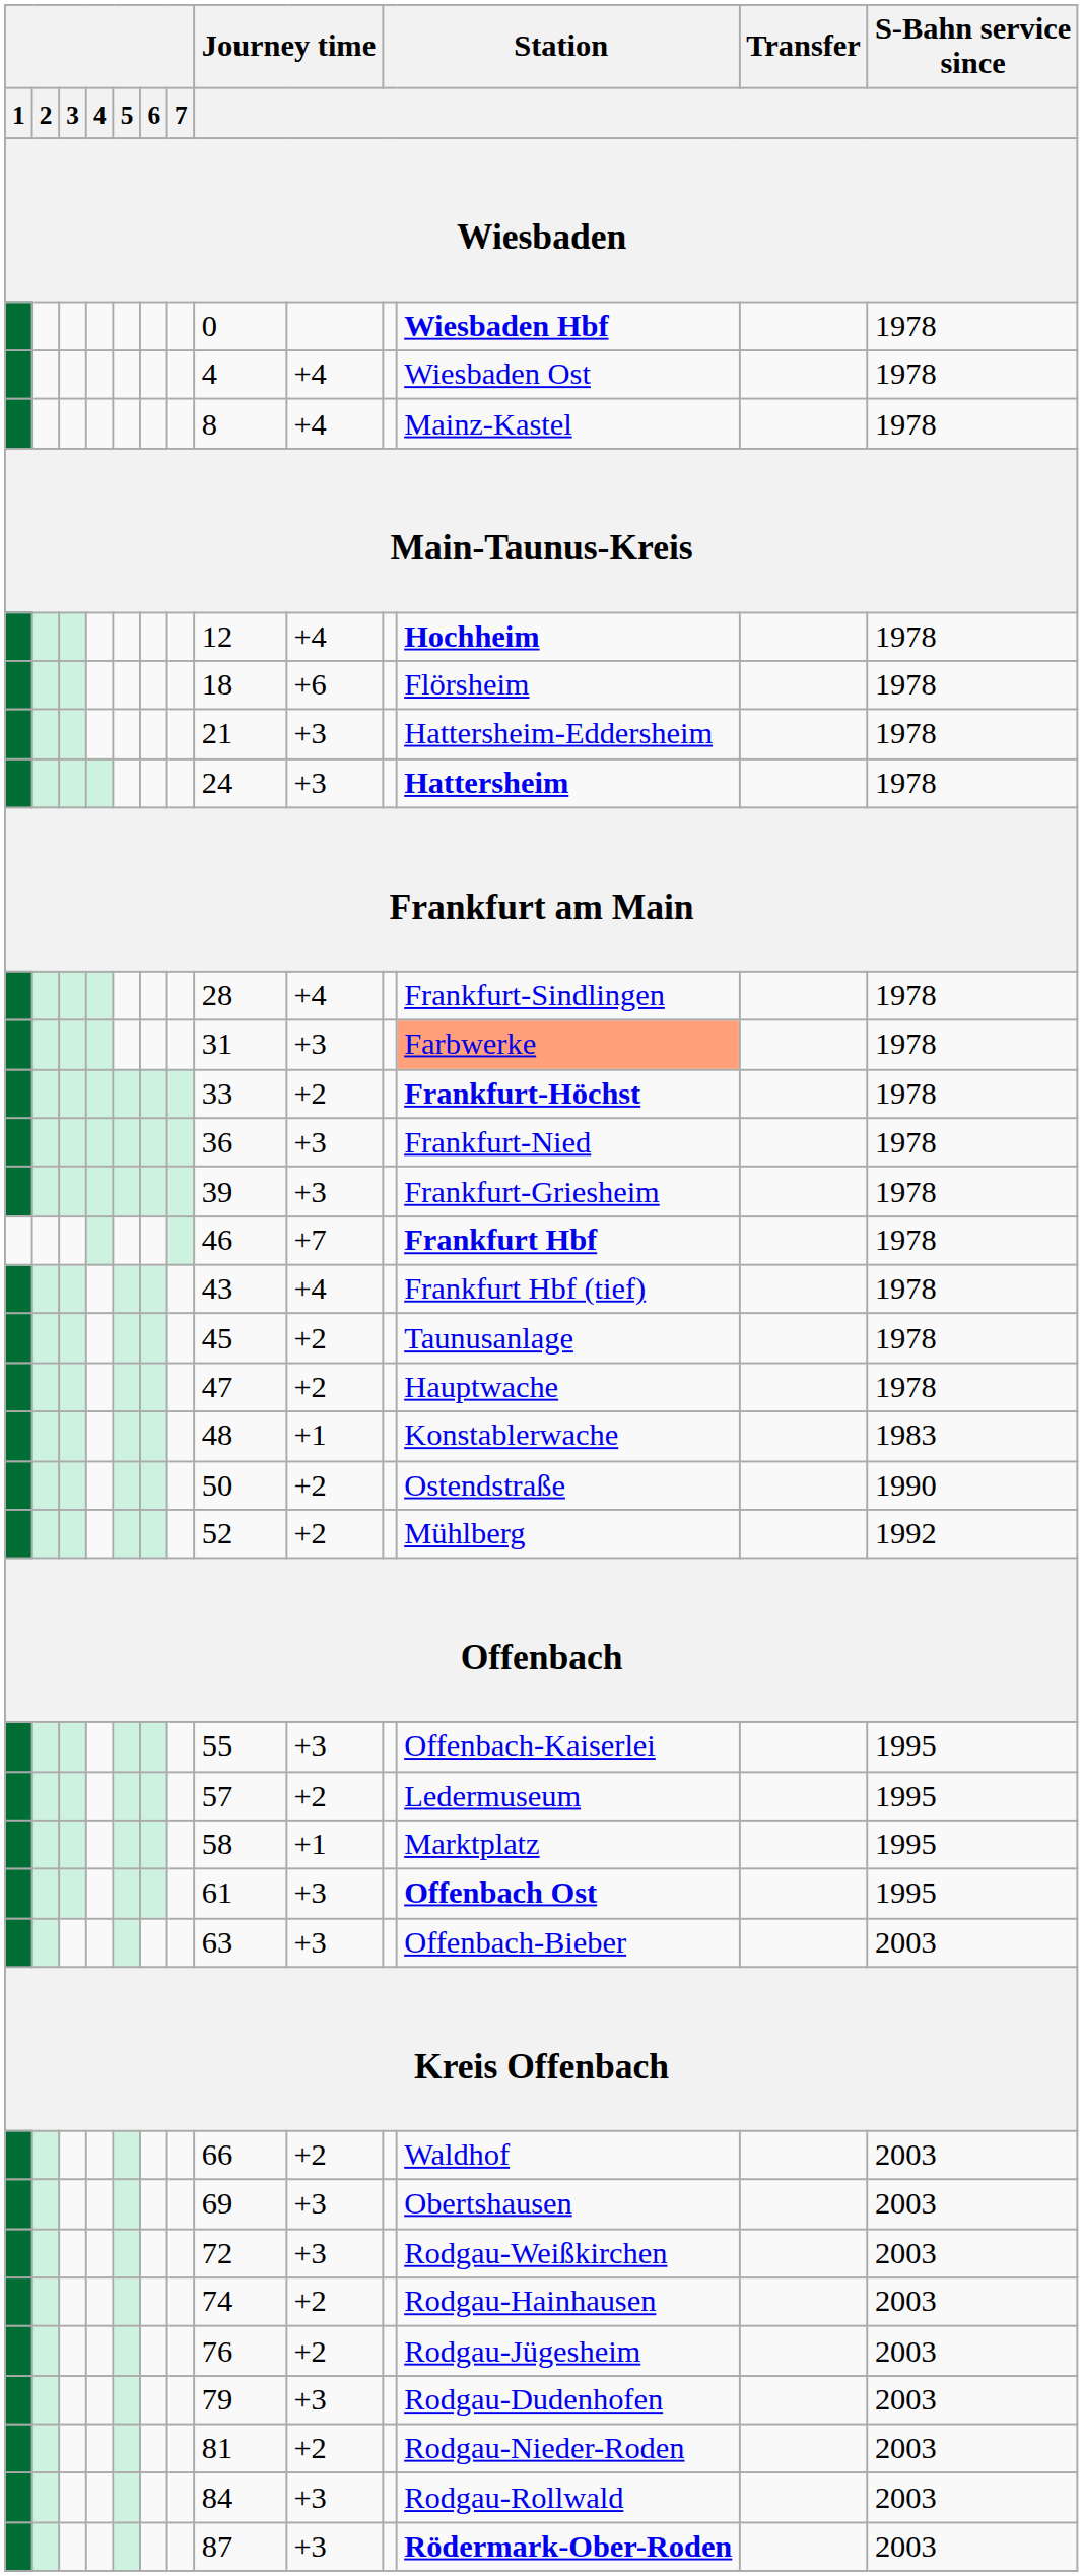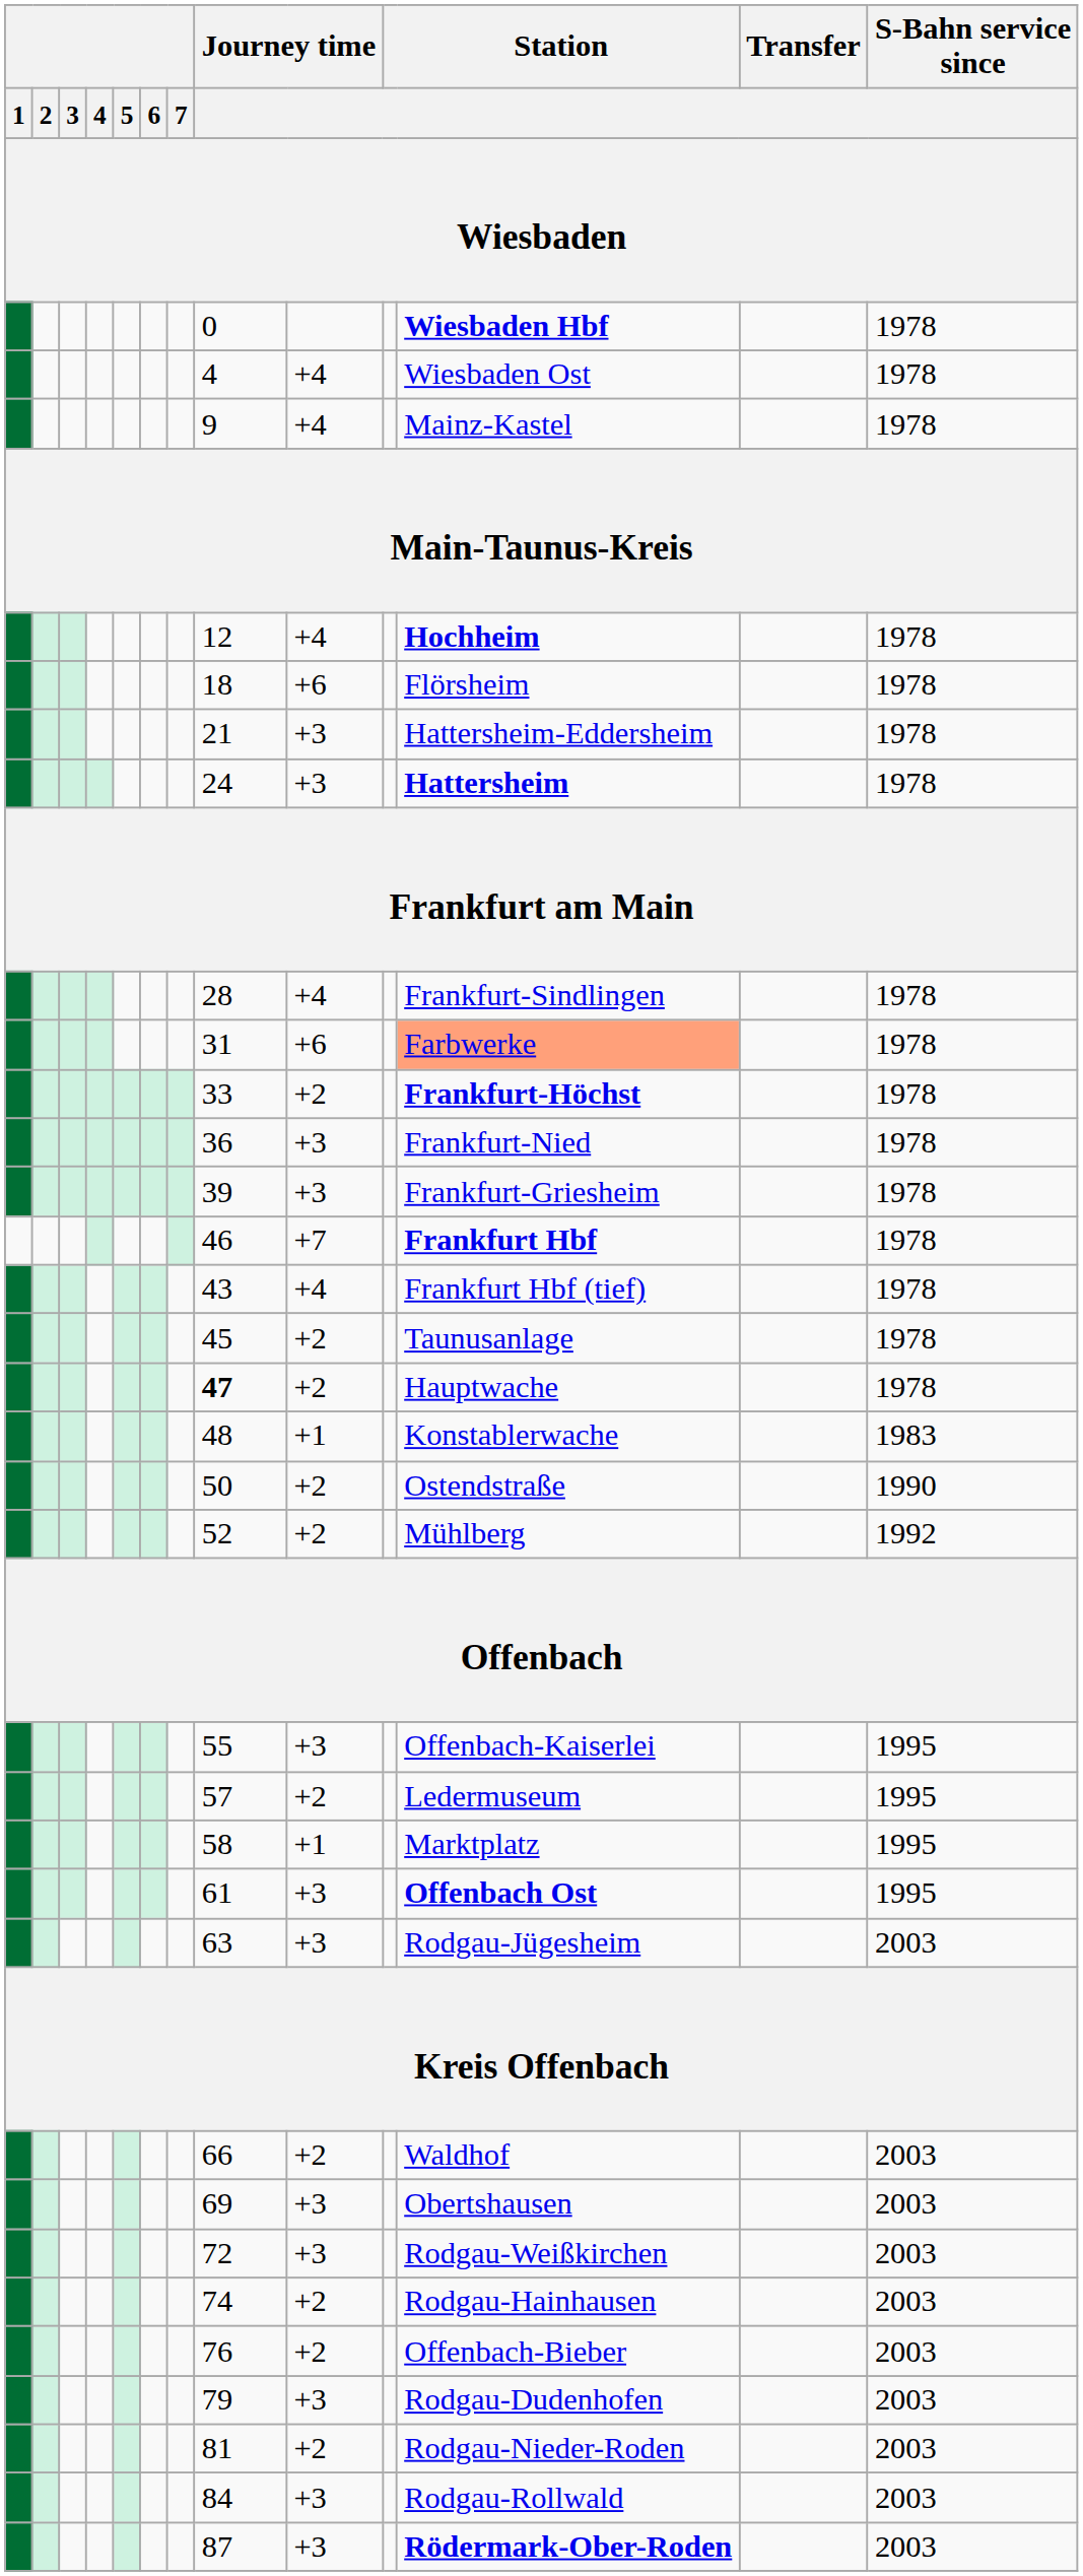 <table class="wikitable" summary="Stations of the S1 service">
 <tr>
 <th colspan="7" align="center" scope="col"></th>
 <th colspan="2">Journey time</th>
 <th colspan="2" scope="col">Station</th>
 <th scope="col">Transfer</th>
 <th scope="col">S-Bahn service<br>since</th>
 </tr>
 <tr>
 <th><small>1</small></th>
 <th><small>2</small></th>
 <th><small>3</small></th>
 <th><small>4</small></th>
 <th><small>5</small></th>
 <th><small>6</small></th>
 <th><small>7</small></th>
 <th colspan="6"></th>
 </tr>
 <tr>
 <th colspan="13" align="center" class="hintergrundfarbe5"><br><h3>Wiesbaden</h3></th>
 </tr>
 <tr>
 <td style="background-color:#006e34"></td>
 <td></td>
 <td></td>
 <td></td>
 <td></td>
 <td></td>
 <td></td>
 <td>0</td>
 <td></td>
 <td></td>
 <td><strong><a href='#'>Wiesbaden Hbf</a></strong></td>
 <td> </td>
 <td>1978</td>
 </tr>
 <tr>
 <td style="background-color:#006e34"></td>
 <td></td>
 <td></td>
 <td></td>
 <td></td>
 <td></td>
 <td></td>
 <td>4</td>
 <td>+4</td>
 <td></td>
 <td><a href='#'>Wiesbaden Ost</a></td>
 <td> </td>
 <td>1978</td>
 </tr>
 <tr>
 <td style="background-color:#006e34"></td>
 <td></td>
 <td></td>
 <td></td>
 <td></td>
 <td></td>
 <td></td>
-<td>8</td>
+<td>9</td>
 <td>+4</td>
 <td></td>
 <td><a href='#'>Mainz-Kastel</a></td>
 <td></td>
 <td>1978</td>
 </tr>
 <tr>
 <th colspan="13" align="center" class="hintergrundfarbe5"><br><h3>Main-Taunus-Kreis</h3></th>
 </tr>
 <tr>
 <td style="background-color:#006e34"></td>
 <td style="background-color:#cef2e0"></td>
 <td style="background-color:#cef2e0"></td>
 <td></td>
 <td></td>
 <td></td>
 <td></td>
 <td>12</td>
 <td>+4</td>
 <td></td>
 <td><strong><a href='#'>Hochheim</a></strong></td>
 <td></td>
 <td>1978</td>
 </tr>
 <tr>
 <td style="background-color:#006e34"></td>
 <td style="background-color:#cef2e0"></td>
 <td style="background-color:#cef2e0"></td>
 <td></td>
 <td></td>
 <td></td>
 <td></td>
 <td>18</td>
 <td>+6</td>
 <td></td>
 <td><a href='#'>Flörsheim</a></td>
 <td></td>
 <td>1978</td>
 </tr>
 <tr>
 <td style="background-color:#006e34"></td>
 <td style="background-color:#cef2e0"></td>
 <td style="background-color:#cef2e0"></td>
 <td></td>
 <td></td>
 <td></td>
 <td></td>
 <td>21</td>
 <td>+3</td>
 <td></td>
 <td><a href='#'>Hattersheim-Eddersheim</a></td>
 <td></td>
 <td>1978</td>
 </tr>
 <tr>
 <td style="background-color:#006e34"></td>
 <td style="background-color:#cef2e0"></td>
 <td style="background-color:#cef2e0"></td>
 <td style="background-color:#cef2e0"></td>
 <td></td>
 <td></td>
 <td></td>
 <td>24</td>
 <td>+3</td>
 <td></td>
 <td><strong><a href='#'>Hattersheim</a></strong></td>
 <td></td>
 <td>1978</td>
 </tr>
 <tr>
 <th colspan="13" align="center" class="hintergrundfarbe5"><br><h3>Frankfurt am Main</h3></th>
 </tr>
 <tr>
 <td style="background-color:#006e34"></td>
 <td style="background-color:#cef2e0"></td>
 <td style="background-color:#cef2e0"></td>
 <td style="background-color:#cef2e0"></td>
 <td></td>
 <td></td>
 <td></td>
 <td>28</td>
 <td>+4</td>
 <td></td>
 <td><a href='#'>Frankfurt-Sindlingen</a></td>
 <td></td>
 <td>1978</td>
 </tr>
 <tr>
 <td style="background-color:#006e34"></td>
 <td style="background-color:#cef2e0"></td>
 <td style="background-color:#cef2e0"></td>
 <td style="background-color:#cef2e0"></td>
 <td></td>
 <td></td>
 <td></td>
 <td>31</td>
-<td>+3</td>
+<td>+6</td>
 <td></td>
 <td style="background: lightsalmon;"><a href='#'>Farbwerke</a></td>
 <td></td>
 <td>1978</td>
 </tr>
 <tr>
 <td style="background-color:#006e34"></td>
 <td style="background-color:#cef2e0"></td>
 <td style="background-color:#cef2e0"></td>
 <td style="background-color:#cef2e0"></td>
 <td style="background-color:#cef2e0"></td>
 <td style="background-color:#cef2e0"></td>
 <td style="background-color:#cef2e0"></td>
 <td>33</td>
 <td>+2</td>
 <td></td>
 <td><strong><a href='#'>Frankfurt-Höchst</a></strong></td>
 <td></td>
 <td>1978</td>
 </tr>
 <tr>
 <td style="background-color:#006e34"></td>
 <td style="background-color:#cef2e0"></td>
 <td style="background-color:#cef2e0"></td>
 <td style="background-color:#cef2e0"></td>
 <td style="background-color:#cef2e0"></td>
 <td style="background-color:#cef2e0"></td>
 <td style="background-color:#cef2e0"></td>
 <td>36</td>
 <td>+3</td>
 <td></td>
 <td><a href='#'>Frankfurt-Nied</a></td>
 <td></td>
 <td>1978</td>
 </tr>
 <tr>
 <td style="background-color:#006e34"></td>
 <td style="background-color:#cef2e0"></td>
 <td style="background-color:#cef2e0"></td>
 <td style="background-color:#cef2e0"></td>
 <td style="background-color:#cef2e0"></td>
 <td style="background-color:#cef2e0"></td>
 <td style="background-color:#cef2e0"></td>
 <td>39</td>
 <td>+3</td>
 <td></td>
 <td><a href='#'>Frankfurt-Griesheim</a></td>
 <td></td>
 <td>1978</td>
 </tr>
 <tr>
 <td></td>
 <td></td>
 <td></td>
 <td style="background-color:#cef2e0"></td>
 <td></td>
 <td></td>
 <td style="background-color:#cef2e0"></td>
 <td>46</td>
 <td>+7</td>
 <td></td>
 <td><strong><a href='#'>Frankfurt Hbf</a></strong></td>
 <td>         </td>
 <td>1978</td>
 </tr>
 <tr>
 <td style="background-color:#006e34"></td>
 <td style="background-color:#cef2e0"></td>
 <td style="background-color:#cef2e0"></td>
 <td></td>
 <td style="background-color:#cef2e0"></td>
 <td style="background-color:#cef2e0"></td>
 <td></td>
 <td>43</td>
 <td>+4</td>
 <td></td>
 <td><a href='#'>Frankfurt Hbf (tief)</a></td>
 <td>        </td>
 <td>1978</td>
 </tr>
 <tr>
 <td style="background-color:#006e34"></td>
 <td style="background-color:#cef2e0"></td>
 <td style="background-color:#cef2e0"></td>
 <td></td>
 <td style="background-color:#cef2e0"></td>
 <td style="background-color:#cef2e0"></td>
 <td></td>
 <td>45</td>
 <td>+2</td>
 <td></td>
 <td><a href='#'>Taunusanlage</a></td>
 <td>      </td>
 <td>1978</td>
 </tr>
 <tr>
 <td style="background-color:#006e34"></td>
 <td style="background-color:#cef2e0"></td>
 <td style="background-color:#cef2e0"></td>
 <td></td>
 <td style="background-color:#cef2e0"></td>
 <td style="background-color:#cef2e0"></td>
 <td></td>
-<td>47</td>
+<td><strong>47</strong></td>
 <td>+2</td>
 <td></td>
 <td><a href='#'>Hauptwache</a></td>
 <td>            </td>
 <td>1978</td>
 </tr>
 <tr>
 <td style="background-color:#006e34"></td>
 <td style="background-color:#cef2e0"></td>
 <td style="background-color:#cef2e0"></td>
 <td></td>
 <td style="background-color:#cef2e0"></td>
 <td style="background-color:#cef2e0"></td>
 <td></td>
 <td>48</td>
 <td>+1</td>
 <td></td>
 <td><a href='#'>Konstablerwache</a></td>
 <td>          </td>
 <td>1983</td>
 </tr>
 <tr>
 <td style="background-color:#006e34"></td>
 <td style="background-color:#cef2e0"></td>
 <td style="background-color:#cef2e0"></td>
 <td></td>
 <td style="background-color:#cef2e0"></td>
 <td style="background-color:#cef2e0"></td>
 <td></td>
 <td>50</td>
 <td>+2</td>
 <td></td>
 <td><a href='#'>Ostendstraße</a></td>
 <td>      </td>
 <td>1990</td>
 </tr>
 <tr>
 <td style="background-color:#006e34"></td>
 <td style="background-color:#cef2e0"></td>
 <td style="background-color:#cef2e0"></td>
 <td></td>
 <td style="background-color:#cef2e0"></td>
 <td style="background-color:#cef2e0"></td>
 <td></td>
 <td>52</td>
 <td>+2</td>
 <td></td>
 <td><a href='#'>Mühlberg</a></td>
 <td>  </td>
 <td>1992</td>
 </tr>
 <tr>
 <th colspan="13" align="center" class="hintergrundfarbe5"><br><h3>Offenbach</h3></th>
 </tr>
 <tr>
 <td style="background-color:#006e34"></td>
 <td style="background-color:#cef2e0"></td>
 <td style="background-color:#cef2e0"></td>
 <td></td>
 <td style="background-color:#cef2e0"></td>
 <td style="background-color:#cef2e0"></td>
 <td></td>
 <td>55</td>
 <td>+3</td>
 <td></td>
 <td><a href='#'>Offenbach-Kaiserlei</a></td>
 <td>  </td>
 <td>1995</td>
 </tr>
 <tr>
 <td style="background-color:#006e34"></td>
 <td style="background-color:#cef2e0"></td>
 <td style="background-color:#cef2e0"></td>
 <td></td>
 <td style="background-color:#cef2e0"></td>
 <td style="background-color:#cef2e0"></td>
 <td></td>
 <td>57</td>
 <td>+2</td>
 <td></td>
 <td><a href='#'>Ledermuseum</a></td>
 <td>  </td>
 <td>1995</td>
 </tr>
 <tr>
 <td style="background-color:#006e34"></td>
 <td style="background-color:#cef2e0"></td>
 <td style="background-color:#cef2e0"></td>
 <td></td>
 <td style="background-color:#cef2e0"></td>
 <td style="background-color:#cef2e0"></td>
 <td></td>
 <td>58</td>
 <td>+1</td>
 <td></td>
 <td><a href='#'>Marktplatz</a></td>
 <td>  </td>
 <td>1995</td>
 </tr>
 <tr>
 <td style="background-color:#006e34"></td>
 <td style="background-color:#cef2e0"></td>
 <td style="background-color:#cef2e0"></td>
 <td></td>
 <td style="background-color:#cef2e0"></td>
 <td style="background-color:#cef2e0"></td>
 <td></td>
 <td>61</td>
 <td>+3</td>
 <td></td>
 <td><strong><a href='#'>Offenbach Ost</a></strong></td>
 <td>  </td>
 <td>1995</td>
 </tr>
 <tr>
 <td style="background-color:#006e34"></td>
 <td style="background-color:#cef2e0"></td>
 <td></td>
 <td></td>
 <td style="background-color:#cef2e0"></td>
 <td></td>
 <td></td>
 <td>63</td>
 <td>+3</td>
 <td></td>
-<td><a href='#'>Offenbach-Bieber</a></td>
+<td><a href='#'>Rodgau-Jügesheim</a></td>
 <td></td>
 <td>2003</td>
 </tr>
 <tr>
 <th colspan="13" align="center" class="hintergrundfarbe5"><br><h3>Kreis Offenbach</h3></th>
 </tr>
 <tr>
 <td style="background-color:#006e34"></td>
 <td style="background-color:#cef2e0"></td>
 <td></td>
 <td></td>
 <td style="background-color:#cef2e0"></td>
 <td></td>
 <td></td>
 <td>66</td>
 <td>+2</td>
 <td></td>
 <td><a href='#'>Waldhof</a></td>
 <td></td>
 <td>2003</td>
 </tr>
 <tr>
 <td style="background-color:#006e34"></td>
 <td style="background-color:#cef2e0"></td>
 <td></td>
 <td></td>
 <td style="background-color:#cef2e0"></td>
 <td></td>
 <td></td>
 <td>69</td>
 <td>+3</td>
 <td></td>
 <td><a href='#'>Obertshausen</a></td>
 <td></td>
 <td>2003</td>
 </tr>
 <tr>
 <td style="background-color:#006e34"></td>
 <td style="background-color:#cef2e0"></td>
 <td></td>
 <td></td>
 <td style="background-color:#cef2e0"></td>
 <td></td>
 <td></td>
 <td>72</td>
 <td>+3</td>
 <td></td>
 <td><a href='#'>Rodgau-Weißkirchen</a></td>
 <td></td>
 <td>2003</td>
 </tr>
 <tr>
 <td style="background-color:#006e34"></td>
 <td style="background-color:#cef2e0"></td>
 <td></td>
 <td></td>
 <td style="background-color:#cef2e0"></td>
 <td></td>
 <td></td>
 <td>74</td>
 <td>+2</td>
 <td></td>
 <td><a href='#'>Rodgau-Hainhausen</a></td>
 <td></td>
 <td>2003</td>
 </tr>
 <tr>
 <td style="background-color:#006e34"></td>
 <td style="background-color:#cef2e0"></td>
 <td></td>
 <td></td>
 <td style="background-color:#cef2e0"></td>
 <td></td>
 <td></td>
 <td>76</td>
 <td>+2</td>
 <td></td>
-<td><a href='#'>Rodgau-Jügesheim</a></td>
+<td><a href='#'>Offenbach-Bieber</a></td>
 <td></td>
 <td>2003</td>
 </tr>
 <tr>
 <td style="background-color:#006e34"></td>
 <td style="background-color:#cef2e0"></td>
 <td></td>
 <td></td>
 <td style="background-color:#cef2e0"></td>
 <td></td>
 <td></td>
 <td>79</td>
 <td>+3</td>
 <td></td>
 <td><a href='#'>Rodgau-Dudenhofen</a></td>
 <td></td>
 <td>2003</td>
 </tr>
 <tr>
 <td style="background-color:#006e34"></td>
 <td style="background-color:#cef2e0"></td>
 <td></td>
 <td></td>
 <td style="background-color:#cef2e0"></td>
 <td></td>
 <td></td>
 <td>81</td>
 <td>+2</td>
 <td></td>
 <td><a href='#'>Rodgau-Nieder-Roden</a></td>
 <td></td>
 <td>2003</td>
 </tr>
 <tr>
 <td style="background-color:#006e34"></td>
 <td style="background-color:#cef2e0"></td>
 <td></td>
 <td></td>
 <td style="background-color:#cef2e0"></td>
 <td></td>
 <td></td>
 <td>84</td>
 <td>+3</td>
 <td></td>
 <td><a href='#'>Rodgau-Rollwald</a></td>
 <td></td>
 <td>2003</td>
 </tr>
 <tr>
 <td style="background-color:#006e34"></td>
 <td style="background-color:#cef2e0"></td>
 <td></td>
 <td></td>
 <td style="background-color:#cef2e0"></td>
 <td></td>
 <td></td>
 <td>87</td>
 <td>+3</td>
 <td></td>
 <td><strong><a href='#'>Rödermark-Ober-Roden</a></strong></td>
 <td></td>
 <td>2003</td>
 </tr>
 </table>
